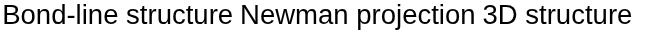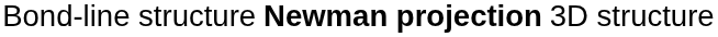 <table>
 <tr>
 <td></td>
 <td></td>
 <td></td>
 </tr>
 <tr>
 <td align="center">Bond-line structure</td>
-<td align="center">Newman projection</td>
+<td align="center"><strong>Newman projection</strong></td>
 <td align="center">3D structure</td>
 </tr>
 </table>
